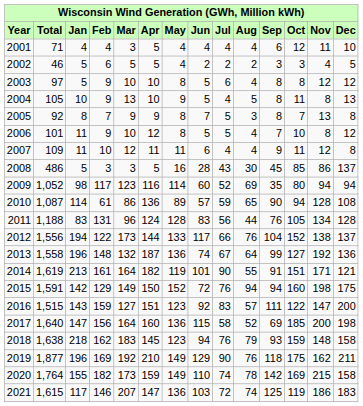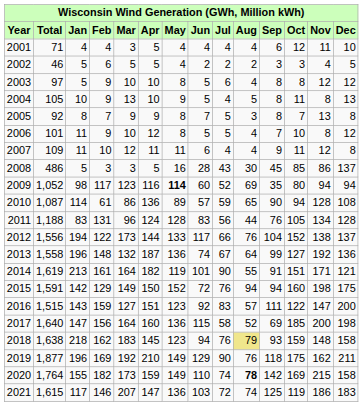 <table class="wikitable" style="text-align:right;">
 <tr>
 <th colspan="14" style="background:#cfb;">Wisconsin Wind Generation (GWh, Million kWh)</th>
 </tr>
 <tr>
 <th style="background:#cfb;">Year</th>
 <th style="background:#cfb;">Total</th>
 <th style="background:#cfb;">Jan</th>
 <th style="background:#cfb;">Feb</th>
 <th style="background:#cfb;">Mar</th>
 <th style="background:#cfb;">Apr</th>
 <th style="background:#cfb;">May</th>
 <th style="background:#cfb;">Jun</th>
 <th style="background:#cfb;">Jul</th>
 <th style="background:#cfb;">Aug</th>
 <th style="background:#cfb;">Sep</th>
 <th style="background:#cfb;">Oct</th>
 <th style="background:#cfb;">Nov</th>
 <th style="background:#cfb;">Dec</th>
 </tr>
 <tr align=right>
 <td>2001</td>
 <td>71</td>
 <td>4</td>
 <td>4</td>
 <td>3</td>
 <td>5</td>
 <td>4</td>
 <td>4</td>
 <td>4</td>
 <td>4</td>
 <td>6</td>
 <td>12</td>
 <td>11</td>
 <td>10</td>
 </tr>
 <tr align=right>
 <td>2002</td>
 <td>46</td>
 <td>5</td>
 <td>6</td>
 <td>5</td>
 <td>5</td>
 <td>4</td>
 <td>2</td>
 <td>2</td>
 <td>2</td>
 <td>3</td>
 <td>3</td>
 <td>4</td>
 <td>5</td>
 </tr>
 <tr align=right>
 <td>2003</td>
 <td>97</td>
 <td>5</td>
 <td>9</td>
 <td>10</td>
 <td>10</td>
 <td>8</td>
 <td>5</td>
 <td>6</td>
 <td>4</td>
 <td>8</td>
 <td>8</td>
 <td>12</td>
 <td>12</td>
 </tr>
 <tr align=right>
 <td>2004</td>
 <td>105</td>
 <td>10</td>
 <td>9</td>
 <td>13</td>
 <td>10</td>
 <td>9</td>
 <td>5</td>
 <td>4</td>
 <td>5</td>
 <td>8</td>
 <td>11</td>
 <td>8</td>
 <td>13</td>
 </tr>
 <tr align=right>
 <td>2005</td>
 <td>92</td>
 <td>8</td>
 <td>7</td>
 <td>9</td>
 <td>9</td>
 <td>8</td>
 <td>7</td>
 <td>5</td>
 <td>3</td>
 <td>8</td>
 <td>7</td>
 <td>13</td>
 <td>8</td>
 </tr>
 <tr align=right>
 <td>2006</td>
 <td>101</td>
 <td>11</td>
 <td>9</td>
 <td>10</td>
 <td>12</td>
 <td>8</td>
 <td>5</td>
 <td>5</td>
 <td>4</td>
 <td>7</td>
 <td>10</td>
 <td>8</td>
 <td>12</td>
 </tr>
 <tr align=right>
 <td>2007</td>
 <td>109</td>
 <td>11</td>
 <td>10</td>
 <td>12</td>
 <td>11</td>
 <td>11</td>
 <td>6</td>
 <td>4</td>
 <td>4</td>
 <td>9</td>
 <td>11</td>
 <td>12</td>
 <td>8</td>
 </tr>
 <tr align=right>
 <td>2008</td>
 <td>486</td>
 <td>5</td>
 <td>3</td>
 <td>3</td>
 <td>5</td>
 <td>16</td>
 <td>28</td>
 <td>43</td>
 <td>30</td>
 <td>45</td>
 <td>85</td>
 <td>86</td>
 <td>137</td>
 </tr>
 <tr align=right>
 <td>2009</td>
 <td>1,052</td>
 <td>98</td>
 <td>117</td>
 <td>123</td>
 <td>116</td>
-<td>114</td>
+<td><strong>114</strong></td>
 <td>60</td>
 <td>52</td>
 <td>69</td>
 <td>35</td>
 <td>80</td>
 <td>94</td>
 <td>94</td>
 </tr>
 <tr align=right>
 <td>2010</td>
 <td>1,087</td>
 <td>114</td>
 <td>61</td>
 <td>86</td>
 <td>136</td>
 <td>89</td>
 <td>57</td>
 <td>59</td>
 <td>65</td>
 <td>90</td>
 <td>94</td>
 <td>128</td>
 <td>108</td>
 </tr>
 <tr align=right>
 <td>2011</td>
 <td>1,188</td>
 <td>83</td>
 <td>131</td>
 <td>96</td>
 <td>124</td>
 <td>128</td>
 <td>83</td>
 <td>56</td>
 <td>44</td>
 <td>76</td>
 <td>105</td>
 <td>134</td>
 <td>128</td>
 </tr>
 <tr align=right>
 <td>2012</td>
 <td>1,556</td>
 <td>194</td>
 <td>122</td>
 <td>173</td>
 <td>144</td>
 <td>133</td>
 <td>117</td>
 <td>66</td>
 <td>76</td>
 <td>104</td>
 <td>152</td>
 <td>138</td>
 <td>137</td>
 </tr>
 <tr align=right>
 <td>2013</td>
 <td>1,558</td>
 <td>196</td>
 <td>148</td>
 <td>132</td>
 <td>187</td>
 <td>136</td>
 <td>74</td>
 <td>67</td>
 <td>64</td>
 <td>99</td>
 <td>127</td>
 <td>192</td>
 <td>136</td>
 </tr>
 <tr align=right>
 <td>2014</td>
 <td>1,619</td>
 <td>213</td>
 <td>161</td>
 <td>164</td>
 <td>182</td>
 <td>119</td>
 <td>101</td>
 <td>90</td>
 <td>55</td>
 <td>91</td>
 <td>151</td>
 <td>171</td>
 <td>121</td>
 </tr>
 <tr align=right>
 <td>2015</td>
 <td>1,591</td>
 <td>142</td>
 <td>129</td>
 <td>149</td>
 <td>150</td>
 <td>152</td>
 <td>72</td>
 <td>76</td>
 <td>94</td>
 <td>94</td>
 <td>160</td>
 <td>198</td>
 <td>175</td>
 </tr>
 <tr align=right>
 <td>2016</td>
 <td>1,515</td>
 <td>143</td>
 <td>159</td>
 <td>127</td>
 <td>151</td>
 <td>123</td>
 <td>92</td>
 <td>83</td>
 <td>57</td>
 <td>111</td>
 <td>122</td>
 <td>147</td>
 <td>200</td>
 </tr>
 <tr align=right>
 <td>2017</td>
 <td>1,640</td>
 <td>147</td>
 <td>156</td>
 <td>164</td>
 <td>160</td>
 <td>136</td>
 <td>115</td>
 <td>58</td>
 <td>52</td>
 <td>69</td>
 <td>185</td>
 <td>200</td>
 <td>198</td>
 </tr>
 <tr align=right>
 <td>2018</td>
 <td>1,638</td>
 <td>218</td>
 <td>162</td>
 <td>183</td>
 <td>145</td>
 <td>123</td>
 <td>94</td>
 <td>76</td>
-<td>79</td>
+<td style="background: khaki;">79</td>
 <td>93</td>
 <td>159</td>
 <td>148</td>
 <td>158</td>
 </tr>
 <tr align=right>
 <td>2019</td>
 <td>1,877</td>
 <td>196</td>
 <td>169</td>
 <td>192</td>
 <td>210</td>
 <td>149</td>
 <td>129</td>
 <td>90</td>
 <td>76</td>
 <td>118</td>
 <td>175</td>
 <td>162</td>
 <td>211</td>
 </tr>
 <tr align=right>
 <td>2020</td>
 <td>1,764</td>
 <td>155</td>
 <td>182</td>
 <td>173</td>
 <td>159</td>
 <td>149</td>
 <td>110</td>
 <td>74</td>
-<td>78</td>
+<td><strong>78</strong></td>
 <td>142</td>
 <td>169</td>
 <td>215</td>
 <td>158</td>
 </tr>
 <tr align=right>
 <td>2021</td>
 <td>1,615</td>
 <td>117</td>
 <td>146</td>
 <td>207</td>
 <td>147</td>
 <td>136</td>
 <td>103</td>
 <td>72</td>
 <td>74</td>
 <td>125</td>
 <td>119</td>
 <td>186</td>
 <td>183</td>
 </tr>
 </table>
